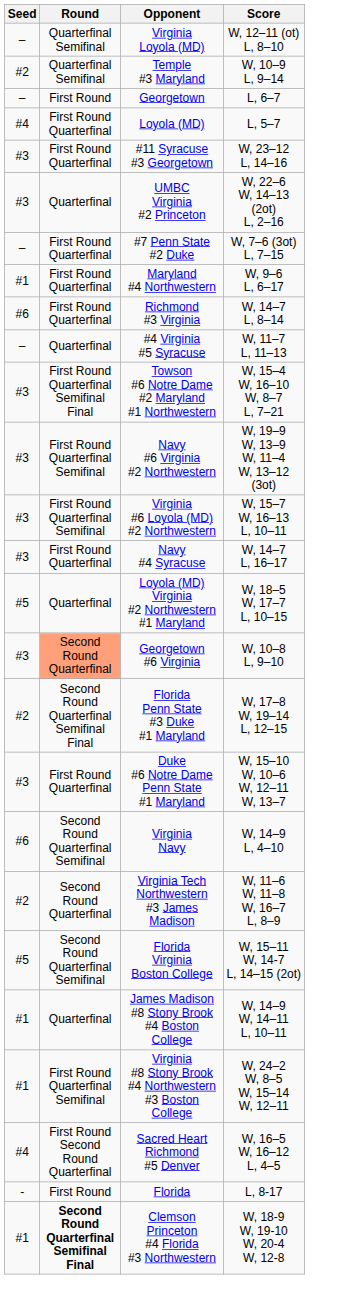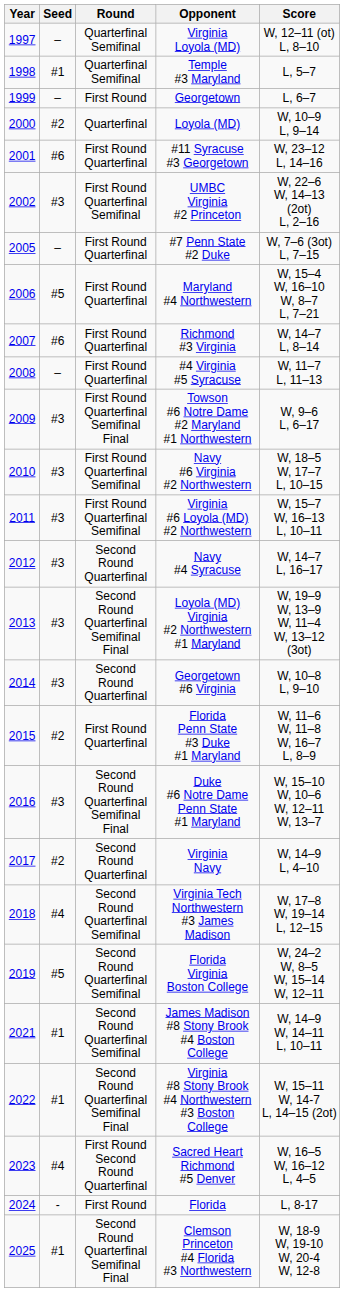 <table class="wikitable">
 <tr>
+<th style="width:40px; ">Year</th>
 <th style="width:40px; ">Seed</th>
 <th style="width:100px; ">Round</th>
 <th style="width:130px; ">Opponent</th>
 <th style="width:100px; ">Score</th>
 </tr>
 <tr align="center">
+<td><a href='#'>1997</a></td>
 <td>–</td>
 <td>Quarterfinal<br>Semifinal</td>
 <td><a href='#'>Virginia</a><br><a href='#'>Loyola (MD)</a></td>
 <td>W, 12–11 (ot)<br>L, 8–10</td>
 </tr>
 <tr align="center">
-<td>#2</td>
+<td><a href='#'>1998</a></td>
+<td>#1</td>
 <td>Quarterfinal<br>Semifinal</td>
 <td><a href='#'>Temple</a><br>#3 <a href='#'>Maryland</a></td>
-<td>W, 10–9<br>L, 9–14</td>
+<td>L, 5–7</td>
 </tr>
 <tr align="center">
+<td><a href='#'>1999</a></td>
 <td>–</td>
 <td>First Round</td>
 <td><a href='#'>Georgetown</a></td>
 <td>L, 6–7</td>
 </tr>
 <tr align="center">
-<td>#4</td>
-<td>First Round<br>Quarterfinal</td>
+<td><a href='#'>2000</a></td>
+<td>#2</td>
+<td>Quarterfinal</td>
 <td><a href='#'>Loyola (MD)</a></td>
-<td>L, 5–7</td>
+<td>W, 10–9<br>L, 9–14</td>
 </tr>
 <tr align="center">
-<td>#3</td>
+<td><a href='#'>2001</a></td>
+<td>#6</td>
 <td>First Round<br>Quarterfinal</td>
 <td>#11 <a href='#'>Syracuse</a><br>#3 <a href='#'>Georgetown</a></td>
 <td>W, 23–12<br>L, 14–16</td>
 </tr>
 <tr align="center">
+<td><a href='#'>2002</a></td>
 <td>#3</td>
-<td>Quarterfinal</td>
+<td>First Round<br>Quarterfinal<br>Semifinal</td>
 <td><a href='#'>UMBC</a><br><a href='#'>Virginia</a><br>#2 <a href='#'>Princeton</a></td>
 <td>W, 22–6<br>W, 14–13 (2ot)<br>L, 2–16</td>
 </tr>
 <tr align="center">
+<td><a href='#'>2005</a></td>
 <td>–</td>
 <td>First Round<br>Quarterfinal</td>
 <td>#7 <a href='#'>Penn State</a><br>#2 <a href='#'>Duke</a></td>
 <td>W, 7–6 (3ot)<br>L, 7–15</td>
 </tr>
 <tr align="center">
-<td>#1</td>
+<td><a href='#'>2006</a></td>
+<td>#5</td>
 <td>First Round<br>Quarterfinal</td>
 <td><a href='#'>Maryland</a><br>#4 <a href='#'>Northwestern</a></td>
-<td>W, 9–6<br>L, 6–17</td>
+<td>W, 15–4<br>W, 16–10<br>W, 8–7<br>L, 7–21</td>
 </tr>
 <tr align="center">
+<td><a href='#'>2007</a></td>
 <td>#6</td>
 <td>First Round<br>Quarterfinal</td>
 <td><a href='#'>Richmond</a><br>#3 <a href='#'>Virginia</a></td>
 <td>W, 14–7<br>L, 8–14</td>
 </tr>
 <tr align="center">
+<td><a href='#'>2008</a></td>
 <td>–</td>
-<td>Quarterfinal</td>
+<td>First Round<br>Quarterfinal</td>
 <td>#4 <a href='#'>Virginia</a><br>#5 <a href='#'>Syracuse</a></td>
 <td>W, 11–7<br>L, 11–13</td>
 </tr>
 <tr align="center">
+<td><a href='#'>2009</a></td>
 <td>#3</td>
 <td>First Round<br>Quarterfinal<br>Semifinal<br>Final</td>
 <td><a href='#'>Towson</a><br>#6 <a href='#'>Notre Dame</a><br>#2 <a href='#'>Maryland</a><br>#1 <a href='#'>Northwestern</a></td>
-<td>W, 15–4<br>W, 16–10<br>W, 8–7<br>L, 7–21</td>
+<td>W, 9–6<br>L, 6–17</td>
 </tr>
 <tr align="center">
+<td><a href='#'>2010</a></td>
 <td>#3</td>
 <td>First Round<br>Quarterfinal<br>Semifinal</td>
 <td><a href='#'>Navy</a><br>#6 <a href='#'>Virginia</a><br>#2 <a href='#'>Northwestern</a></td>
-<td>W, 19–9<br>W, 13–9<br>W, 11–4<br>W, 13–12 (3ot)</td>
+<td>W, 18–5<br>W, 17–7<br>L, 10–15</td>
 </tr>
 <tr align="center">
+<td><a href='#'>2011</a></td>
 <td>#3</td>
 <td>First Round<br>Quarterfinal<br>Semifinal</td>
 <td><a href='#'>Virginia</a><br>#6 <a href='#'>Loyola (MD)</a><br>#2 <a href='#'>Northwestern</a></td>
 <td>W, 15–7<br>W, 16–13<br>L, 10–11</td>
 </tr>
 <tr align="center">
+<td><a href='#'>2012</a></td>
 <td>#3</td>
-<td>First Round<br>Quarterfinal</td>
+<td>Second Round<br>Quarterfinal</td>
 <td><a href='#'>Navy</a><br>#4 <a href='#'>Syracuse</a></td>
 <td>W, 14–7<br>L, 16–17</td>
 </tr>
 <tr align="center">
-<td>#5</td>
-<td>Quarterfinal</td>
+<td><a href='#'>2013</a></td>
+<td>#3</td>
+<td>Second Round<br>Quarterfinal<br>Semifinal<br>Final</td>
 <td><a href='#'>Loyola (MD)</a><br><a href='#'>Virginia</a><br>#2 <a href='#'>Northwestern</a><br>#1 <a href='#'>Maryland</a></td>
-<td>W, 18–5<br>W, 17–7<br>L, 10–15</td>
+<td>W, 19–9<br>W, 13–9<br>W, 11–4<br>W, 13–12 (3ot)</td>
 </tr>
 <tr align="center">
+<td><a href='#'>2014</a></td>
 <td>#3</td>
-<td style="background: lightsalmon;">Second Round<br>Quarterfinal</td>
+<td>Second Round<br>Quarterfinal</td>
 <td><a href='#'>Georgetown</a><br>#6 <a href='#'>Virginia</a></td>
 <td>W, 10–8<br>L, 9–10</td>
 </tr>
 <tr align="center">
+<td><a href='#'>2015</a></td>
 <td>#2</td>
-<td>Second Round<br>Quarterfinal<br>Semifinal<br>Final</td>
+<td>First Round<br>Quarterfinal</td>
 <td><a href='#'>Florida</a><br><a href='#'>Penn State</a><br>#3 <a href='#'>Duke</a><br>#1 <a href='#'>Maryland</a></td>
-<td>W, 17–8<br>W, 19–14<br>L, 12–15</td>
+<td>W, 11–6<br>W, 11–8<br>W, 16–7<br>L, 8–9</td>
 </tr>
 <tr align="center">
+<td><a href='#'>2016</a></td>
 <td>#3</td>
-<td>First Round<br>Quarterfinal</td>
+<td>Second Round<br>Quarterfinal<br>Semifinal<br>Final</td>
 <td><a href='#'>Duke</a><br>#6 <a href='#'>Notre Dame</a><br><a href='#'>Penn State</a><br>#1 <a href='#'>Maryland</a></td>
 <td>W, 15–10<br>W, 10–6<br>W, 12–11<br>W, 13–7</td>
 </tr>
 <tr align="center">
-<td>#6</td>
-<td>Second Round<br>Quarterfinal<br>Semifinal</td>
+<td><a href='#'>2017</a></td>
+<td>#2</td>
+<td>Second Round<br>Quarterfinal</td>
 <td><a href='#'>Virginia</a><br><a href='#'>Navy</a></td>
 <td>W, 14–9<br>L, 4–10</td>
 </tr>
 <tr align="center">
-<td>#2</td>
-<td>Second Round<br>Quarterfinal</td>
+<td><a href='#'>2018</a></td>
+<td>#4</td>
+<td>Second Round<br>Quarterfinal<br>Semifinal</td>
 <td><a href='#'>Virginia Tech</a><br><a href='#'>Northwestern</a><br>#3 <a href='#'>James Madison</a></td>
-<td>W, 11–6<br>W, 11–8<br>W, 16–7<br>L, 8–9</td>
+<td>W, 17–8<br>W, 19–14<br>L, 12–15</td>
 </tr>
 <tr align="center">
+<td><a href='#'>2019</a></td>
 <td>#5</td>
 <td>Second Round<br>Quarterfinal<br>Semifinal</td>
 <td><a href='#'>Florida</a><br><a href='#'>Virginia</a><br> <a href='#'>Boston College</a></td>
-<td>W, 15–11<br>W, 14-7<br>L, 14–15 (2ot)</td>
+<td>W, 24–2<br>W, 8–5<br>W, 15–14<br>W, 12–11</td>
 </tr>
 <tr align="center">
+<td><a href='#'>2021</a></td>
 <td>#1</td>
-<td>Quarterfinal</td>
+<td>Second Round<br>Quarterfinal<br>Semifinal</td>
 <td><a href='#'>James Madison</a><br>#8 <a href='#'>Stony Brook</a><br> #4 <a href='#'>Boston College</a></td>
 <td>W, 14–9<br>W, 14–11<br>L, 10–11</td>
 </tr>
 <tr align="center">
+<td><a href='#'>2022</a></td>
 <td>#1</td>
-<td>First Round<br>Quarterfinal<br>Semifinal</td>
+<td>Second Round<br>Quarterfinal<br>Semifinal<br>Final</td>
 <td><a href='#'>Virginia</a><br>#8 <a href='#'>Stony Brook</a><br>#4 <a href='#'>Northwestern</a><br>#3 <a href='#'>Boston College</a></td>
-<td>W, 24–2<br>W, 8–5<br>W, 15–14<br>W, 12–11</td>
+<td>W, 15–11<br>W, 14-7<br>L, 14–15 (2ot)</td>
 </tr>
 <tr align="center">
+<td><a href='#'>2023</a></td>
 <td>#4</td>
 <td>First Round<br>Second Round<br>Quarterfinal</td>
 <td><a href='#'>Sacred Heart</a><br><a href='#'>Richmond</a><br>#5 <a href='#'>Denver</a></td>
 <td>W, 16–5<br>W, 16–12<br>L, 4–5</td>
 </tr>
 <tr align="center">
+<td><a href='#'>2024</a></td>
 <td>-</td>
 <td>First Round</td>
 <td><a href='#'>Florida</a></td>
 <td>L, 8-17</td>
 </tr>
 <tr align="center">
+<td><a href='#'>2025</a></td>
 <td>#1</td>
-<td><strong>Second Round<br>Quarterfinal<br>Semifinal<br>Final</strong></td>
+<td>Second Round<br>Quarterfinal<br>Semifinal<br>Final</td>
 <td><a href='#'> Clemson</a><br><a href='#'> Princeton</a><br>#4 <a href='#'>Florida</a><br>#3 <a href='#'>Northwestern</a></td>
 <td>W, 18-9<br>W, 19-10<br>W, 20-4<br>W, 12-8</td>
 </tr>
 </table>
